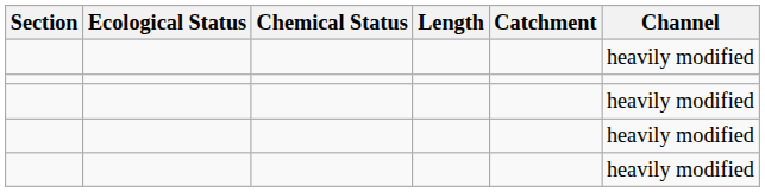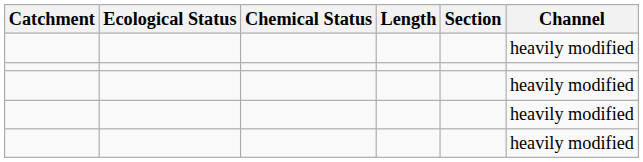 <table class="wikitable">
 <tr>
-<th>Section</th>
+<th>Catchment</th>
 <th>Ecological Status</th>
 <th>Chemical Status</th>
 <th>Length</th>
-<th>Catchment</th>
+<th>Section</th>
 <th>Channel</th>
 </tr>
 <tr>
 <td></td>
 <td></td>
 <td></td>
 <td></td>
 <td></td>
 <td>heavily modified</td>
 </tr>
 <tr>
 <td></td>
 <td></td>
 <td></td>
 <td></td>
 <td></td>
 <td></td>
 </tr>
 <tr>
 <td></td>
 <td></td>
 <td></td>
 <td></td>
 <td></td>
 <td>heavily modified</td>
 </tr>
 <tr>
 <td></td>
 <td></td>
 <td></td>
 <td></td>
 <td></td>
 <td>heavily modified</td>
 </tr>
 <tr>
 <td></td>
 <td></td>
 <td></td>
 <td></td>
 <td></td>
 <td>heavily modified</td>
 </tr>
 </table>
